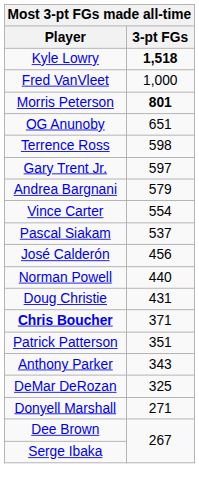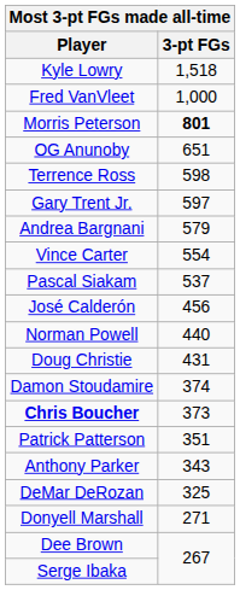 <table class="wikitable sortable" style="text-align:center">
 <tr>
 <th colspan="2">Most 3-pt FGs made all-time</th>
 </tr>
 <tr>
 <th>Player</th>
 <th>3-pt FGs</th>
 </tr>
 <tr>
 <td><a href='#'>Kyle Lowry</a></td>
-<td><strong>1,518</strong></td>
+<td>1,518</td>
 </tr>
 <tr>
 <td><a href='#'>Fred VanVleet</a></td>
 <td>1,000</td>
 </tr>
 <tr>
 <td><a href='#'>Morris Peterson</a></td>
 <td><strong>801</strong></td>
 </tr>
 <tr>
 <td><a href='#'>OG Anunoby</a></td>
 <td>651</td>
 </tr>
 <tr>
 <td><a href='#'>Terrence Ross</a></td>
 <td>598</td>
 </tr>
 <tr>
 <td><a href='#'>Gary Trent Jr.</a></td>
 <td>597</td>
 </tr>
 <tr>
 <td><a href='#'>Andrea Bargnani</a></td>
 <td>579</td>
 </tr>
 <tr>
 <td><a href='#'>Vince Carter</a></td>
 <td>554</td>
 </tr>
 <tr>
 <td><a href='#'>Pascal Siakam</a></td>
 <td>537</td>
 </tr>
 <tr>
 <td><a href='#'>José Calderón</a></td>
 <td>456</td>
 </tr>
 <tr>
 <td><a href='#'>Norman Powell</a></td>
 <td>440</td>
 </tr>
 <tr>
 <td><a href='#'>Doug Christie</a></td>
 <td>431</td>
 </tr>
 <tr>
+<td><a href='#'>Damon Stoudamire</a></td>
+<td>374</td>
+</tr>
+<tr>
 <td><strong><a href='#'>Chris Boucher</a></strong></td>
-<td>371</td>
+<td>373</td>
 </tr>
 <tr>
 <td><a href='#'>Patrick Patterson</a></td>
 <td>351</td>
 </tr>
 <tr>
 <td><a href='#'>Anthony Parker</a></td>
 <td>343</td>
 </tr>
 <tr>
 <td><a href='#'>DeMar DeRozan</a></td>
 <td>325</td>
 </tr>
 <tr>
 <td><a href='#'>Donyell Marshall</a></td>
 <td>271</td>
 </tr>
 <tr>
 <td><a href='#'>Dee Brown</a></td>
 <td rowspan=2>267</td>
 </tr>
 <tr>
 <td><a href='#'>Serge Ibaka</a></td>
 </tr>
 </table>
